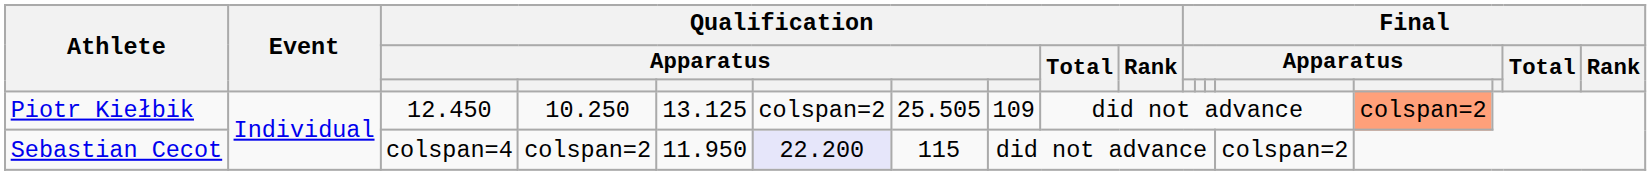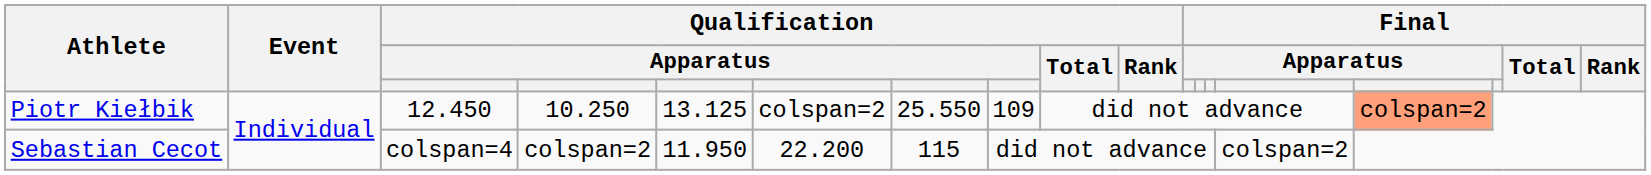 <table class="wikitable" style="font-size:90%">
 <tr>
 <th rowspan=3>Athlete</th>
 <th rowspan=3>Event</th>
 <th colspan =8>Qualification</th>
 <th colspan =8>Final</th>
 </tr>
 <tr style="font-size:95%">
 <th colspan=6>Apparatus</th>
 <th rowspan=2>Total</th>
 <th rowspan=2>Rank</th>
 <th colspan=6>Apparatus</th>
 <th rowspan=2>Total</th>
 <th rowspan=2>Rank</th>
 </tr>
 <tr style="font-size:95%">
 <th></th>
 <th></th>
 <th></th>
 <th></th>
 <th></th>
 <th></th>
 <th></th>
 <th></th>
 <th></th>
 <th></th>
 <th></th>
 <th></th>
 </tr>
 <tr align=center>
 <td align=left><a href='#'>Piotr Kiełbik</a></td>
 <td align=left rowspan=6><a href='#'>Individual</a></td>
 <td>12.450</td>
 <td>10.250</td>
 <td>13.125</td>
 <td>colspan=2 </td>
-<td>25.505</td>
+<td>25.550</td>
 <td>109</td>
 <td colspan=6>did not advance</td>
 <td style="background: lightsalmon;">colspan=2 </td>
 </tr>
 <tr align=center>
 <td align=left><a href='#'>Sebastian Cecot</a></td>
 <td>colspan=4 </td>
 <td>colspan=2 </td>
 <td>11.950</td>
-<td style="background: lavender;">22.200</td>
+<td>22.200</td>
 <td>115</td>
 <td colspan=6>did not advance</td>
 <td>colspan=2 </td>
 </tr>
 </table>
